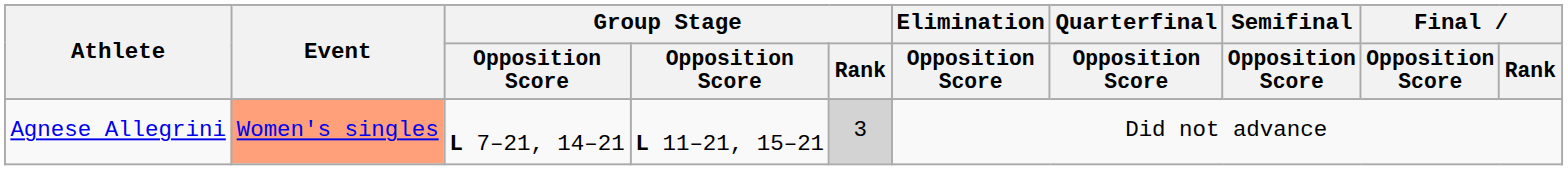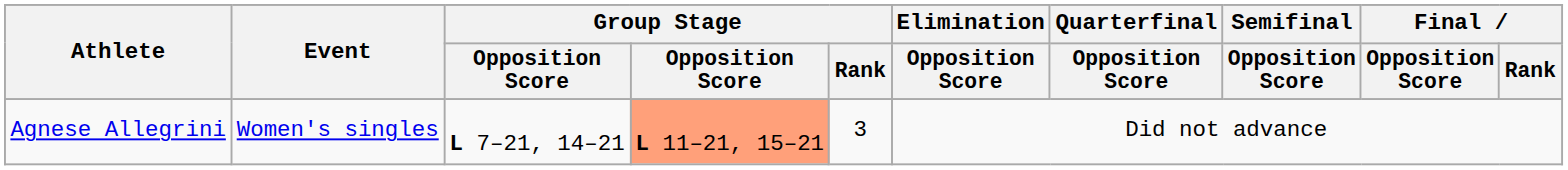 <table class="wikitable" style="font-size:90%">
 <tr>
 <th rowspan=2>Athlete</th>
 <th rowspan=2>Event</th>
 <th colspan=3>Group Stage</th>
 <th>Elimination</th>
 <th>Quarterfinal</th>
 <th>Semifinal</th>
 <th colspan=2>Final / </th>
 </tr>
 <tr style="font-size:95%">
 <th>Opposition<br>Score</th>
 <th>Opposition<br>Score</th>
 <th>Rank</th>
 <th>Opposition<br>Score</th>
 <th>Opposition<br>Score</th>
 <th>Opposition<br>Score</th>
 <th>Opposition<br>Score</th>
 <th>Rank</th>
 </tr>
 <tr align=center>
 <td align=left><a href='#'>Agnese Allegrini</a></td>
-<td align=left style="background: lightsalmon;"><a href='#'>Women's singles</a></td>
+<td align=left><a href='#'>Women's singles</a></td>
 <td><br><strong>L</strong> 7–21, 14–21</td>
-<td><br><strong>L</strong> 11–21, 15–21</td>
-<td style="background: lightgrey;">3</td>
+<td style="background: lightsalmon;"><br><strong>L</strong> 11–21, 15–21</td>
+<td>3</td>
 <td colspan=5>Did not advance</td>
 </tr>
 </table>
